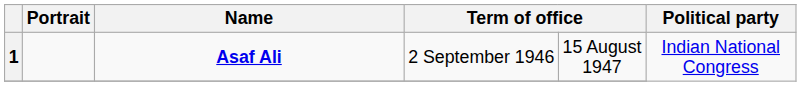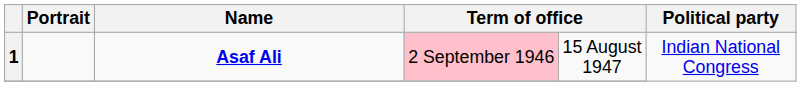 <table class="wikitable" style="text-align:center">
 <tr>
 <th></th>
 <th>Portrait</th>
 <th style="width:17em">Name</th>
 <th colspan="2">Term of office</th>
 <th style="width:8em">Political party</th>
 </tr>
 <tr>
 <th>1</th>
 <td></td>
 <td><strong><a href='#'>Asaf Ali</a></strong></td>
-<td>2 September 1946</td>
+<td style="background: pink;">2 September 1946</td>
 <td>15 August<br>1947</td>
 <td rowspan="15"><a href='#'>Indian National Congress</a></td>
 </tr>
 <tr>
 </tr>
 </table>
